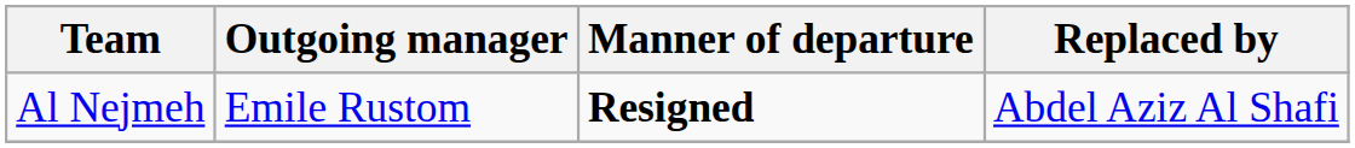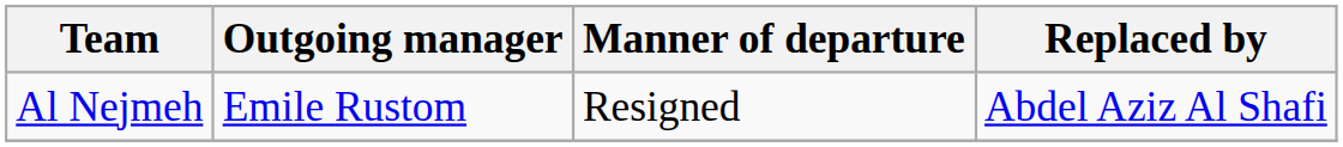 <table class="wikitable">
 <tr>
 <th>Team</th>
 <th>Outgoing manager</th>
 <th>Manner of departure</th>
 <th>Replaced by</th>
 </tr>
 <tr>
 <td><a href='#'>Al Nejmeh</a></td>
 <td> <a href='#'>Emile Rustom</a></td>
-<td><strong>Resigned</strong></td>
+<td>Resigned</td>
 <td> <a href='#'>Abdel Aziz Al Shafi</a></td>
 </tr>
 <tr>
 </tr>
 </table>
